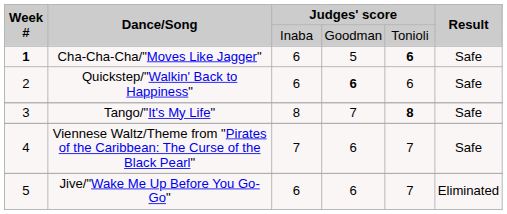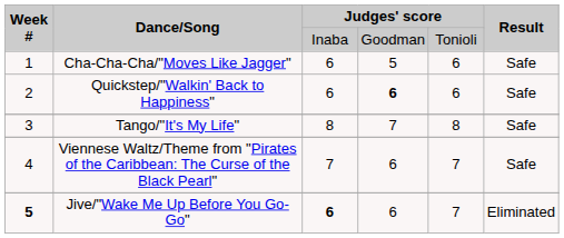 <table class="wikitable">
 <tr style="text-align:center; text-align:center; background:#ccc;">
 <td rowspan="2"><strong>Week #</strong></td>
 <td rowspan="2"><strong>Dance/Song</strong></td>
 <td colspan="3"><strong>Judges' score</strong></td>
 <td rowspan="2"><strong>Result</strong></td>
 </tr>
 <tr style="text-align:center; background:#ccc;">
 <td style="width:10%; ">Inaba</td>
 <td style="width:10%; ">Goodman</td>
 <td style="width:10%; ">Tonioli</td>
 </tr>
 <tr>
-<td style="text-align:center; background:#faf6f6;"><strong>1</strong></td>
+<td style="text-align:center; background:#faf6f6;">1</td>
 <td style="text-align:center; background:#faf6f6;">Cha-Cha-Cha/"<a href='#'>Moves Like Jagger</a>"</td>
 <td style="text-align:center; background:#faf6f6;">6</td>
 <td style="text-align:center; background:#faf6f6;">5</td>
-<td style="text-align:center; background:#faf6f6;"><strong>6</strong></td>
+<td style="text-align:center; background:#faf6f6;">6</td>
 <td style="text-align:center; background:#faf6f6;">Safe</td>
 </tr>
 <tr style="text-align:center; background:#faf6f6;">
 <td>2</td>
 <td>Quickstep/"<a href='#'>Walkin' Back to Happiness</a>"</td>
 <td>6</td>
 <td><strong>6</strong></td>
 <td>6</td>
 <td>Safe</td>
 </tr>
 <tr>
 </tr>
 <tr style="text-align:center; background:#faf6f6;">
 <td>3</td>
 <td>Tango/"<a href='#'>It's My Life</a>"</td>
 <td>8</td>
 <td>7</td>
-<td><strong>8</strong></td>
+<td>8</td>
 <td>Safe</td>
 </tr>
 <tr>
 </tr>
 <tr style="text-align:center; background:#faf6f6;">
 <td>4</td>
 <td>Viennese Waltz/Theme from "<a href='#'>Pirates of the Caribbean: The Curse of the Black Pearl</a>"</td>
 <td>7</td>
 <td>6</td>
 <td>7</td>
 <td>Safe</td>
 </tr>
 <tr>
 </tr>
 <tr style="text-align:center; background:#faf6f6;">
-<td>5</td>
+<td><strong>5</strong></td>
 <td>Jive/"<a href='#'>Wake Me Up Before You Go-Go</a>"</td>
-<td>6</td>
+<td><strong>6</strong></td>
 <td>6</td>
 <td>7</td>
 <td>Eliminated</td>
 </tr>
 </table>
